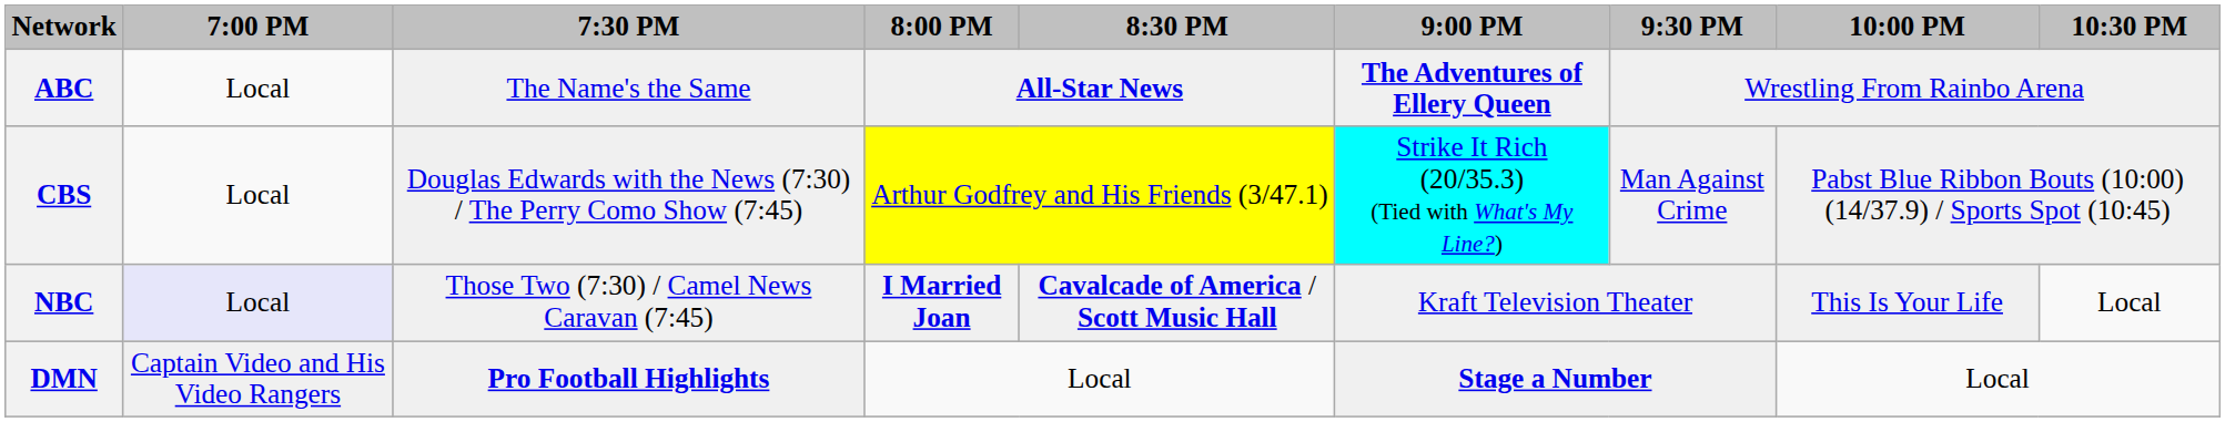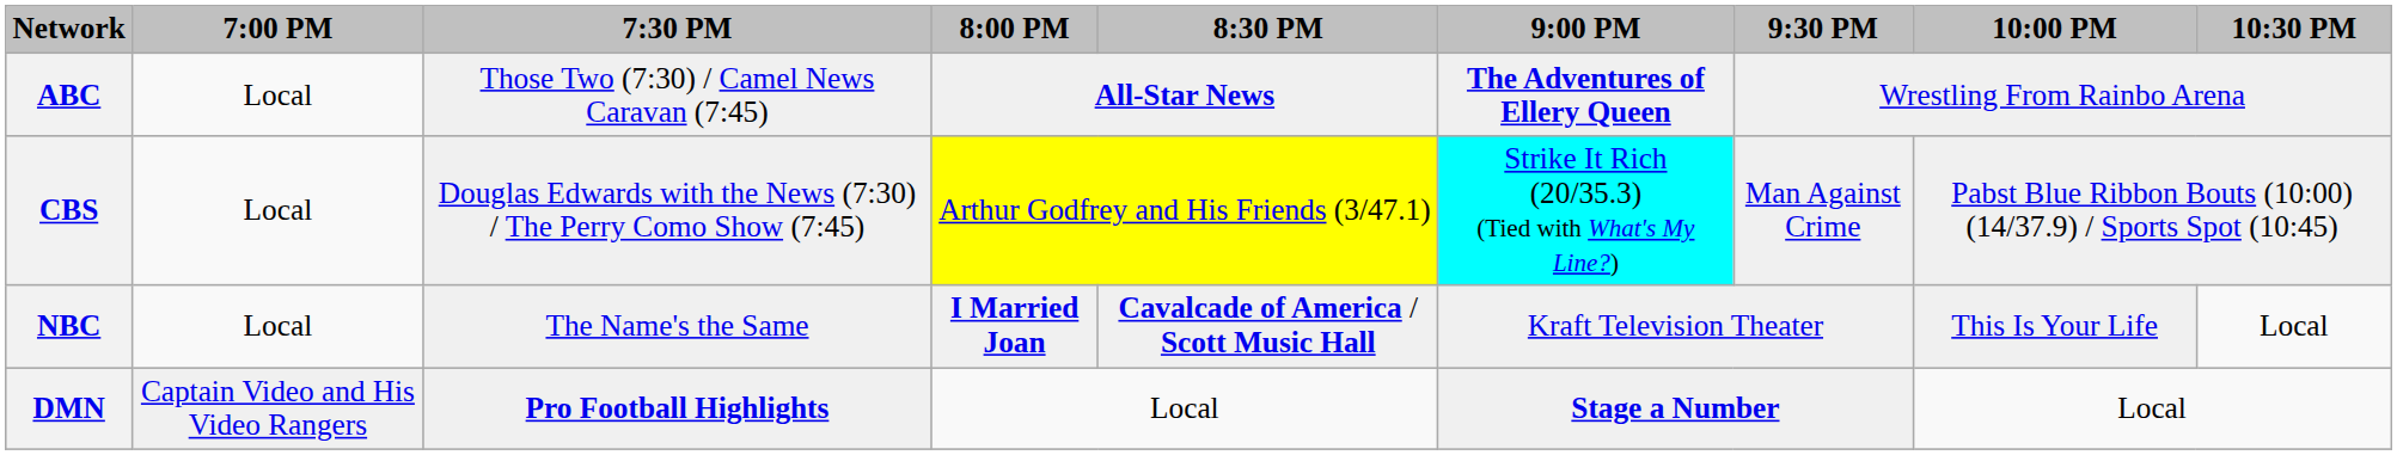 <table class="wikitable" style="width:100%;margin-right:0;text-align:center">
 <tr>
 <th style="background-color:#C0C0C0;text-align:center">Network</th>
 <th style="background-color:#C0C0C0;text-align:center">7:00 PM</th>
 <th style="background-color:#C0C0C0;text-align:center">7:30 PM</th>
 <th style="background-color:#C0C0C0;text-align:center">8:00 PM</th>
 <th style="background-color:#C0C0C0;text-align:center">8:30 PM</th>
 <th style="background-color:#C0C0C0;text-align:center">9:00 PM</th>
 <th style="background-color:#C0C0C0;text-align:center">9:30 PM</th>
 <th style="background-color:#C0C0C0;text-align:center">10:00 PM</th>
 <th style="background-color:#C0C0C0;text-align:center">10:30 PM</th>
 </tr>
 <tr>
 <th bgcolor="#C0C0C0"><a href='#'>ABC</a></th>
 <td>Local</td>
-<td bgcolor="#F0F0F0"><a href='#'>The Name's the Same</a></td>
+<td bgcolor="#F0F0F0"><a href='#'>Those Two</a> (7:30) / <a href='#'>Camel News Caravan</a> (7:45)</td>
 <td colspan="2" bgcolor="#F0F0F0"><strong><a href='#'>All-Star News</a></strong></td>
 <td bgcolor="#F0F0F0"><strong><a href='#'>The Adventures of Ellery Queen</a></strong></td>
 <td colspan="3" bgcolor="#F0F0F0"><a href='#'>Wrestling From Rainbo Arena</a></td>
 </tr>
 <tr>
 <th bgcolor="#C0C0C0"><a href='#'>CBS</a></th>
 <td>Local</td>
 <td bgcolor="#F0F0F0"><a href='#'>Douglas Edwards with the News</a> (7:30) / <a href='#'>The Perry Como Show</a> (7:45)</td>
 <td colspan="2" bgcolor="#FFFF00"><a href='#'>Arthur Godfrey and His Friends</a> (3/47.1)</td>
 <td bgcolor="#00FFFF"><a href='#'>Strike It Rich</a> (20/35.3)<br><small>(Tied with <em><a href='#'>What's My Line?</a></em>)</small></td>
 <td bgcolor="#F0F0F0"><a href='#'>Man Against Crime</a></td>
 <td colspan="2" bgcolor="#F0F0F0"><span><a href='#'>Pabst Blue Ribbon Bouts</a> (10:00) (14/37.9)</span> / <a href='#'>Sports Spot</a> (10:45)</td>
 </tr>
 <tr>
 <th bgcolor="#C0C0C0"><a href='#'>NBC</a></th>
-<td style="background: lavender;">Local</td>
-<td bgcolor="#F0F0F0"><a href='#'>Those Two</a> (7:30) / <a href='#'>Camel News Caravan</a> (7:45)</td>
+<td>Local</td>
+<td bgcolor="#F0F0F0"><a href='#'>The Name's the Same</a></td>
 <td bgcolor="#F0F0F0"><strong><a href='#'>I Married Joan</a></strong></td>
 <td bgcolor="#F0F0F0"><strong><a href='#'>Cavalcade of America</a></strong> / <strong><a href='#'>Scott Music Hall</a></strong></td>
 <td colspan="2" bgcolor="#F0F0F0"><a href='#'>Kraft Television Theater</a></td>
 <td bgcolor="#F0F0F0"><a href='#'>This Is Your Life</a></td>
 <td>Local</td>
 </tr>
 <tr>
 <th bgcolor="#C0C0C0"><a href='#'>DMN</a></th>
 <td bgcolor="#F0F0F0"><a href='#'>Captain Video and His Video Rangers</a></td>
 <td bgcolor="#F0F0F0"><strong><a href='#'>Pro Football Highlights</a></strong></td>
 <td colspan="2">Local</td>
 <td colspan="2" bgcolor="#F0F0F0"><strong><a href='#'>Stage a Number</a></strong></td>
 <td colspan="2">Local</td>
 </tr>
 </table>
